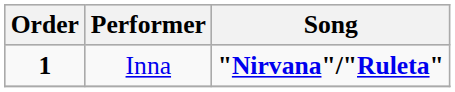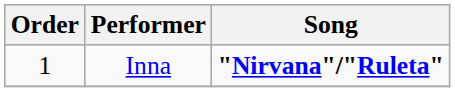 <table class="wikitable" style="text-align:center">
 <tr>
 <th>Order</th>
 <th>Performer</th>
 <th>Song</th>
 </tr>
 <tr>
-<td><strong>1</strong></td>
+<td>1</td>
 <td><a href='#'>Inna</a></td>
 <td><strong>"<a href='#'>Nirvana</a>"/"<a href='#'>Ruleta</a>"</strong></td>
 </tr>
 <tr>
 </tr>
 </table>
